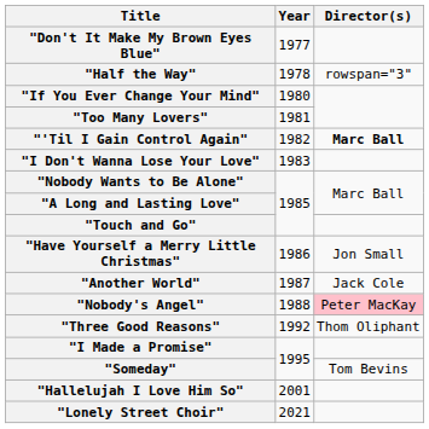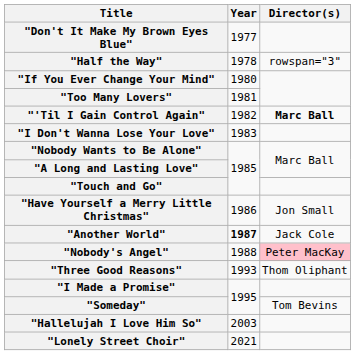 <table class="wikitable plainrowheaders" style="text-align:center;">
 <tr>
 <th scope="col" style="width:20em;">Title</th>
 <th scope="col">Year</th>
 <th scope="col">Director(s)</th>
 </tr>
 <tr>
 <th scope="row">"Don't It Make My Brown Eyes Blue"</th>
 <td>1977</td>
 <td></td>
 </tr>
 <tr>
 <th scope="row">"Half the Way"</th>
 <td>1978</td>
 <td>rowspan="3" </td>
 </tr>
 <tr>
 <th scope="row">"If You Ever Change Your Mind"</th>
 <td>1980</td>
 </tr>
 <tr>
 <th scope="row">"Too Many Lovers"</th>
 <td>1981</td>
 </tr>
 <tr>
 <th scope="row">"'Til I Gain Control Again"</th>
 <td>1982</td>
 <td><strong>Marc Ball</strong></td>
 </tr>
 <tr>
 <th scope="row">"I Don't Wanna Lose Your Love"</th>
 <td>1983</td>
 <td></td>
 </tr>
 <tr>
 <th scope="row">"Nobody Wants to Be Alone"</th>
 <td rowspan="3">1985</td>
 <td rowspan="2">Marc Ball</td>
 </tr>
 <tr>
 <th scope="row">"A Long and Lasting Love"</th>
 </tr>
 <tr>
 <th scope="row">"Touch and Go"</th>
 <td></td>
 </tr>
 <tr>
 <th scope="row">"Have Yourself a Merry Little Christmas"</th>
 <td>1986</td>
 <td>Jon Small</td>
 </tr>
 <tr>
 <th scope="row">"Another World"<br></th>
-<td>1987</td>
+<td><strong>1987</strong></td>
 <td>Jack Cole</td>
 </tr>
 <tr>
 <th scope="row">"Nobody's Angel"</th>
 <td>1988</td>
 <td style="background: pink;">Peter MacKay</td>
 </tr>
 <tr>
 <th scope="row">"Three Good Reasons"</th>
-<td>1992</td>
+<td>1993</td>
 <td>Thom Oliphant</td>
 </tr>
 <tr>
 <th scope="row">"I Made a Promise"<br></th>
 <td rowspan="2">1995</td>
 <td></td>
 </tr>
 <tr>
 <th scope="row">"Someday"</th>
 <td>Tom Bevins</td>
 </tr>
 <tr>
 <th scope="row">"Hallelujah I Love Him So"</th>
-<td>2001</td>
+<td>2003</td>
 <td></td>
 </tr>
 <tr>
 <th scope="row">"Lonely Street Choir"<br></th>
 <td>2021</td>
 <td></td>
 </tr>
 </table>
